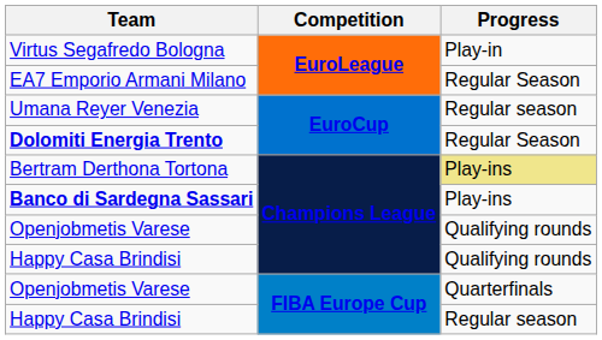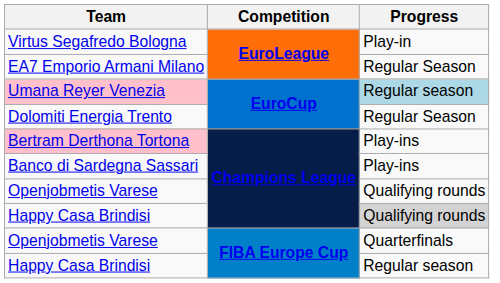 <table class="wikitable sortable">
 <tr>
 <th>Team</th>
 <th>Competition</th>
 <th>Progress</th>
 </tr>
 <tr>
 <td><a href='#'>Virtus Segafredo Bologna</a></td>
 <td rowspan="2" style="background:#ff6d09;color:#ffffff;text-align:center"><strong><a href='#'><span>EuroLeague</span></a></strong></td>
 <td>Play-in</td>
 </tr>
 <tr>
 <td><a href='#'>EA7 Emporio Armani Milano</a></td>
 <td>Regular Season</td>
 </tr>
 <tr>
-<td><a href='#'>Umana Reyer Venezia</a></td>
+<td style="background: pink;"><a href='#'>Umana Reyer Venezia</a></td>
 <td rowspan="2" style="background-color:#0072CE;color:white;text-align:center"><strong><a href='#'><span>EuroCup</span></a></strong></td>
-<td>Regular season</td>
+<td style="background: lightblue;">Regular season</td>
 </tr>
 <tr>
-<td><strong><a href='#'>Dolomiti Energia Trento</a></strong></td>
+<td><a href='#'>Dolomiti Energia Trento</a></td>
 <td>Regular Season</td>
 </tr>
 <tr>
-<td><a href='#'>Bertram Derthona Tortona</a></td>
+<td style="background: pink;"><a href='#'>Bertram Derthona Tortona</a></td>
 <td rowspan="4" style="background-color:#071D49;color:#D0D3D4;text-align:center"><strong><a href='#'><span>Champions League</span></a></strong></td>
-<td style="background: khaki;">Play-ins</td>
+<td>Play-ins</td>
 </tr>
 <tr>
-<td><strong><a href='#'>Banco di Sardegna Sassari</a></strong></td>
+<td><a href='#'>Banco di Sardegna Sassari</a></td>
 <td>Play-ins</td>
 </tr>
 <tr>
 <td><a href='#'>Openjobmetis Varese</a></td>
 <td>Qualifying rounds</td>
 </tr>
 <tr>
 <td><a href='#'>Happy Casa Brindisi</a></td>
-<td>Qualifying rounds</td>
+<td style="background: lightgrey;">Qualifying rounds</td>
 </tr>
 <tr>
 <td><a href='#'>Openjobmetis Varese</a></td>
 <td rowspan="2" style="background-color:#0080C8;color:#D0D3D4;text-align:center"><strong><a href='#'><span>FIBA Europe Cup</span></a></strong></td>
 <td>Quarterfinals</td>
 </tr>
 <tr>
 <td><a href='#'>Happy Casa Brindisi</a></td>
 <td>Regular season</td>
 </tr>
 </table>
